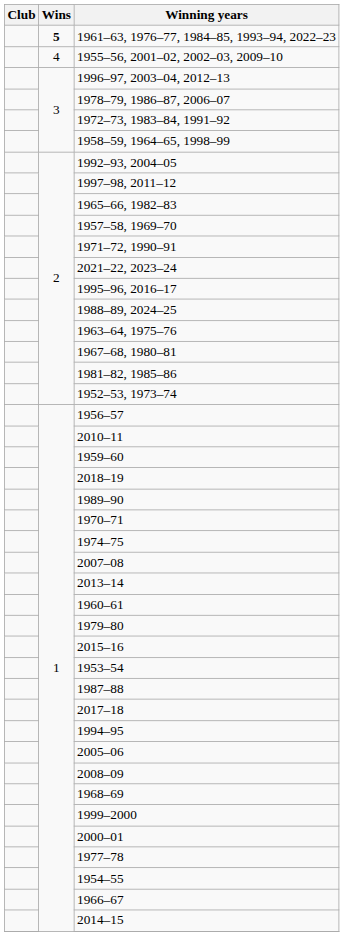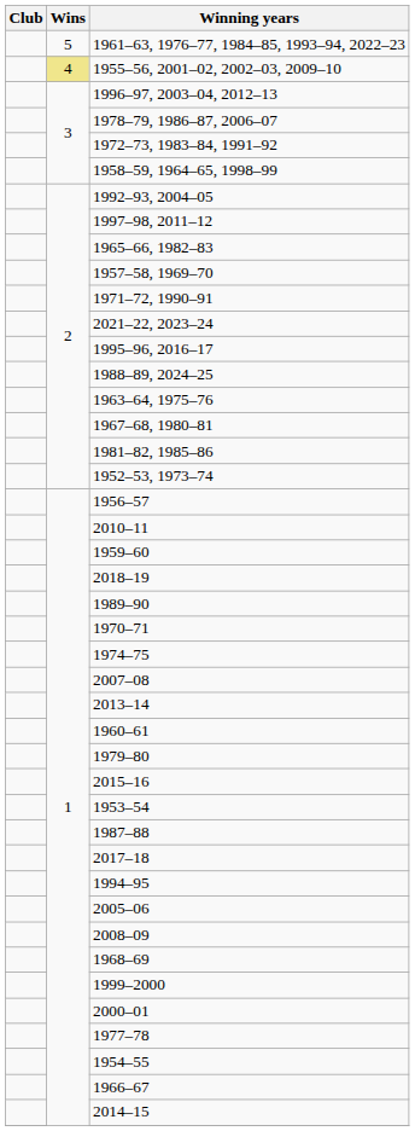 <table class="wikitable">
 <tr>
 <th>Club</th>
 <th>Wins</th>
 <th>Winning years</th>
 </tr>
 <tr>
 <td></td>
-<td style="text-align:center;"><strong>5</strong></td>
+<td style="text-align:center;">5</td>
 <td>1961–63, 1976–77, 1984–85, 1993–94, 2022–23</td>
 </tr>
 <tr>
 <td></td>
-<td style="text-align:center;">4</td>
+<td style="background: khaki; text-align:center;">4</td>
 <td>1955–56, 2001–02, 2002–03, 2009–10</td>
 </tr>
 <tr>
 <td></td>
 <td style="text-align:center;" rowspan=4>3</td>
 <td>1996–97, 2003–04, 2012–13</td>
 </tr>
 <tr>
 <td></td>
 <td>1978–79, 1986–87, 2006–07</td>
 </tr>
 <tr>
 <td></td>
 <td>1972–73, 1983–84, 1991–92</td>
 </tr>
 <tr>
 <td></td>
 <td>1958–59, 1964–65, 1998–99</td>
 </tr>
 <tr>
 <td></td>
 <td style="text-align:center;" rowspan=12>2</td>
 <td>1992–93, 2004–05</td>
 </tr>
 <tr>
 <td></td>
 <td>1997–98, 2011–12</td>
 </tr>
 <tr>
 <td></td>
 <td>1965–66, 1982–83</td>
 </tr>
 <tr>
 <td></td>
 <td>1957–58, 1969–70</td>
 </tr>
 <tr>
 <td></td>
 <td>1971–72, 1990–91</td>
 </tr>
 <tr>
 <td></td>
 <td>2021–22, 2023–24</td>
 </tr>
 <tr>
 <td></td>
 <td>1995–96, 2016–17</td>
 </tr>
 <tr>
 <td></td>
 <td>1988–89, 2024–25</td>
 </tr>
 <tr>
 <td></td>
 <td>1963–64, 1975–76</td>
 </tr>
 <tr>
 <td></td>
 <td>1967–68, 1980–81</td>
 </tr>
 <tr>
 <td></td>
 <td>1981–82, 1985–86</td>
 </tr>
 <tr>
 <td></td>
 <td>1952–53, 1973–74</td>
 </tr>
 <tr>
 <td></td>
 <td style="text-align:center;" rowspan=26>1</td>
 <td>1956–57</td>
 </tr>
 <tr>
 <td></td>
 <td>2010–11</td>
 </tr>
 <tr>
 <td></td>
 <td>1959–60</td>
 </tr>
 <tr>
 <td></td>
 <td>2018–19</td>
 </tr>
 <tr>
 <td></td>
 <td>1989–90</td>
 </tr>
 <tr>
 <td></td>
 <td>1970–71</td>
 </tr>
 <tr>
 <td></td>
 <td>1974–75</td>
 </tr>
 <tr>
 <td></td>
 <td>2007–08</td>
 </tr>
 <tr>
 <td></td>
 <td>2013–14</td>
 </tr>
 <tr>
 <td></td>
 <td>1960–61</td>
 </tr>
 <tr>
 <td></td>
 <td>1979–80</td>
 </tr>
 <tr>
 <td></td>
 <td>2015–16</td>
 </tr>
 <tr>
 <td></td>
 <td>1953–54</td>
 </tr>
 <tr>
 <td></td>
 <td>1987–88</td>
 </tr>
 <tr>
 <td></td>
 <td>2017–18</td>
 </tr>
 <tr>
 <td></td>
 <td>1994–95</td>
 </tr>
 <tr>
 <td></td>
 <td>2005–06</td>
 </tr>
 <tr>
 <td></td>
 <td>2008–09</td>
 </tr>
 <tr>
 <td></td>
 <td>1968–69</td>
 </tr>
 <tr>
 <td></td>
 <td>1999–2000</td>
 </tr>
 <tr>
 <td></td>
 <td>2000–01</td>
 </tr>
 <tr>
 <td></td>
 <td>1977–78</td>
 </tr>
 <tr>
 <td></td>
 <td>1954–55</td>
 </tr>
 <tr>
 <td></td>
 <td>1966–67</td>
 </tr>
 <tr>
 <td></td>
 <td>2014–15</td>
 </tr>
 <tr>
 </tr>
 </table>
